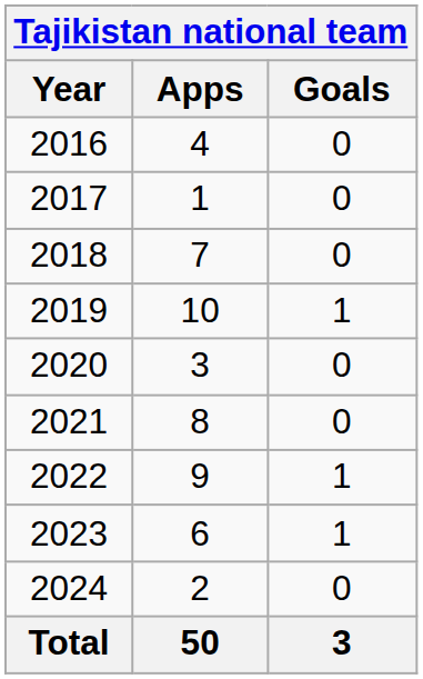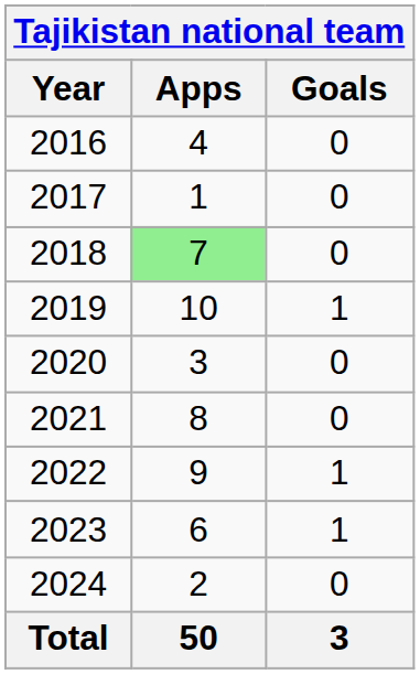 <table class="wikitable" style="text-align:center">
 <tr>
 <th colspan=3><a href='#'>Tajikistan national team</a></th>
 </tr>
 <tr>
 <th>Year</th>
 <th>Apps</th>
 <th>Goals</th>
 </tr>
 <tr>
 <td>2016</td>
 <td>4</td>
 <td>0</td>
 </tr>
 <tr>
 <td>2017</td>
 <td>1</td>
 <td>0</td>
 </tr>
 <tr>
 <td>2018</td>
-<td>7</td>
+<td style="background: lightgreen;">7</td>
 <td>0</td>
 </tr>
 <tr>
 <td>2019</td>
 <td>10</td>
 <td>1</td>
 </tr>
 <tr>
 <td>2020</td>
 <td>3</td>
 <td>0</td>
 </tr>
 <tr>
 <td>2021</td>
 <td>8</td>
 <td>0</td>
 </tr>
 <tr>
 <td>2022</td>
 <td>9</td>
 <td>1</td>
 </tr>
 <tr>
 <td>2023</td>
 <td>6</td>
 <td>1</td>
 </tr>
 <tr>
 <td>2024</td>
 <td>2</td>
 <td>0</td>
 </tr>
 <tr>
 <th>Total</th>
 <th>50</th>
 <th>3</th>
 </tr>
 </table>
